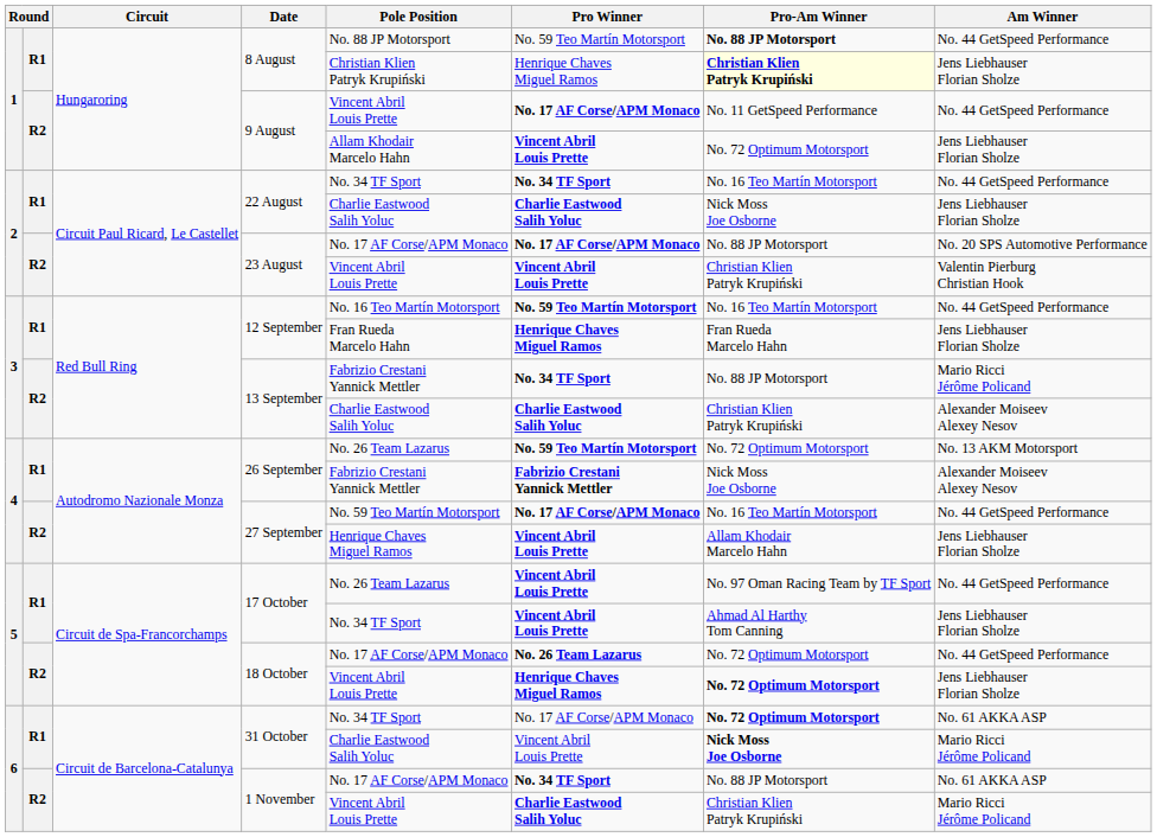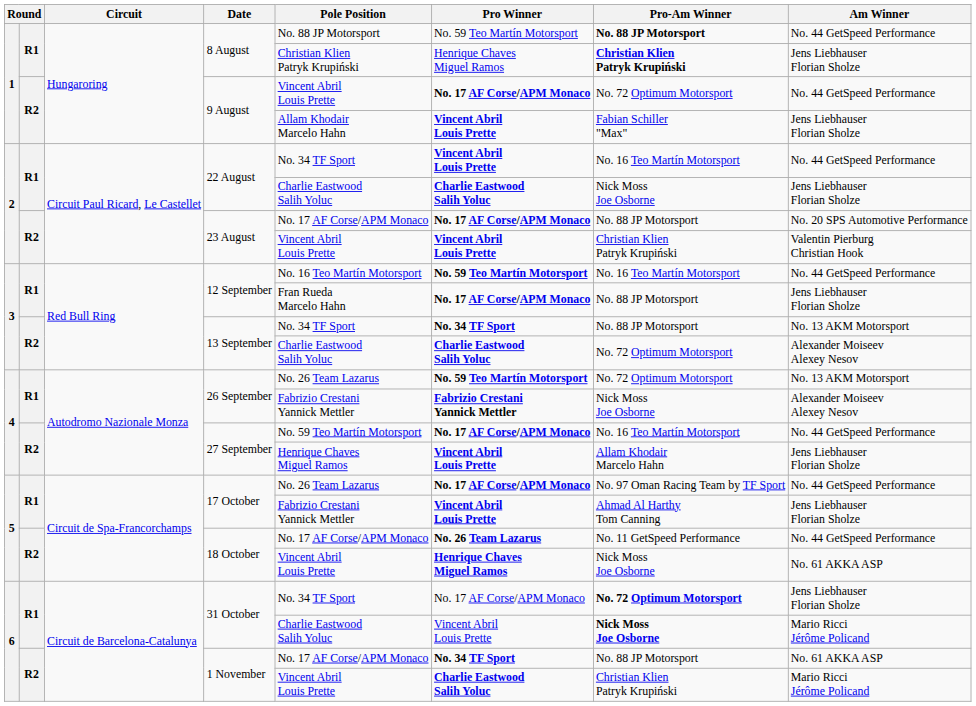 <table class="wikitable" style="font-size: 85%;">
 <tr>
 <th colspan=2>Round</th>
 <th>Circuit</th>
 <th>Date</th>
 <th>Pole Position</th>
 <th>Pro Winner</th>
 <th>Pro-Am Winner</th>
 <th>Am Winner</th>
 </tr>
 <tr>
 <th rowspan="4">1</th>
 <th rowspan="2">R1</th>
 <td rowspan="4"> <a href='#'>Hungaroring</a></td>
 <td rowspan="2">8 August</td>
 <td> No. 88 JP Motorsport</td>
 <td> No. 59 <a href='#'>Teo Martín Motorsport</a></td>
 <td><strong> No. 88 JP Motorsport</strong></td>
 <td> No. 44 GetSpeed Performance</td>
 </tr>
 <tr>
 <td> <a href='#'>Christian Klien</a><br> Patryk Krupiński</td>
 <td> <a href='#'>Henrique Chaves</a><br> <a href='#'>Miguel Ramos</a></td>
-<td style="background: lightyellow;"><strong> <a href='#'>Christian Klien</a><br> Patryk Krupiński</strong></td>
+<td><strong> <a href='#'>Christian Klien</a><br> Patryk Krupiński</strong></td>
 <td> Jens Liebhauser<br> Florian Sholze</td>
 </tr>
 <tr>
 <th rowspan=2>R2</th>
 <td rowspan=2>9 August</td>
 <td> <a href='#'>Vincent Abril</a><br> <a href='#'>Louis Prette</a></td>
 <td><strong> No. 17 <a href='#'>AF Corse</a>/<a href='#'>APM Monaco</a></strong></td>
-<td> No. 11 GetSpeed Performance</td>
+<td> No. 72  <a href='#'>Optimum Motorsport</a></td>
 <td> No. 44 GetSpeed Performance</td>
 </tr>
 <tr>
 <td> <a href='#'>Allam Khodair</a><br> Marcelo Hahn</td>
 <td><strong> <a href='#'>Vincent Abril</a><br> <a href='#'>Louis Prette</a></strong></td>
-<td> No. 72  <a href='#'>Optimum Motorsport</a></td>
+<td> <a href='#'>Fabian Schiller</a><br> "Max"</td>
 <td> Jens Liebhauser<br> Florian Sholze</td>
 </tr>
 <tr>
 <th rowspan="4">2</th>
 <th rowspan="2">R1</th>
 <td rowspan="4"> <a href='#'>Circuit Paul Ricard</a>, <a href='#'>Le Castellet</a></td>
 <td rowspan="2">22 August</td>
 <td> No. 34 <a href='#'>TF Sport</a></td>
-<td><strong> No. 34 <a href='#'>TF Sport</a></strong></td>
+<td><strong> <a href='#'>Vincent Abril</a><br> <a href='#'>Louis Prette</a></strong></td>
 <td> No. 16 <a href='#'>Teo Martín Motorsport</a></td>
 <td> No. 44 GetSpeed Performance</td>
 </tr>
 <tr>
 <td> <a href='#'>Charlie Eastwood</a><br> <a href='#'>Salih Yoluc</a></td>
 <td><strong> <a href='#'>Charlie Eastwood</a><br> <a href='#'>Salih Yoluc</a></strong></td>
 <td> Nick Moss<strong><br></strong> <a href='#'>Joe Osborne</a></td>
 <td> Jens Liebhauser<br> Florian Sholze</td>
 </tr>
 <tr>
 <th rowspan="2">R2</th>
 <td rowspan="2">23 August</td>
 <td> No. 17 <a href='#'>AF Corse</a>/<a href='#'>APM Monaco</a></td>
 <td><strong> No. 17 <a href='#'>AF Corse</a>/<a href='#'>APM Monaco</a></strong></td>
 <td> No. 88 JP Motorsport</td>
 <td> No. 20 SPS Automotive Performance</td>
 </tr>
 <tr>
 <td> <a href='#'>Vincent Abril</a><br> <a href='#'>Louis Prette</a></td>
 <td><strong> <a href='#'>Vincent Abril</a><br> <a href='#'>Louis Prette</a></strong></td>
 <td> <a href='#'>Christian Klien</a><br> Patryk Krupiński</td>
 <td> Valentin Pierburg<br> Christian Hook</td>
 </tr>
 <tr>
 <th rowspan=4>3</th>
 <th rowspan=2>R1</th>
 <td rowspan=4> <a href='#'>Red Bull Ring</a></td>
 <td rowspan=2>12 September</td>
 <td> No. 16 <a href='#'>Teo Martín Motorsport</a></td>
 <td><strong> No. 59 <a href='#'>Teo Martín Motorsport</a></strong></td>
 <td> No. 16 <a href='#'>Teo Martín Motorsport</a></td>
 <td> No. 44 GetSpeed Performance</td>
 </tr>
 <tr>
 <td> Fran Rueda<br> Marcelo Hahn</td>
-<td><strong> <a href='#'>Henrique Chaves</a><br> <a href='#'>Miguel Ramos</a></strong></td>
-<td> Fran Rueda<br> Marcelo Hahn</td>
+<td><strong> No. 17 <a href='#'>AF Corse</a>/<a href='#'>APM Monaco</a></strong></td>
+<td> No. 88 JP Motorsport</td>
 <td> Jens Liebhauser<br> Florian Sholze</td>
 </tr>
 <tr>
 <th rowspan=2>R2</th>
 <td rowspan=2>13 September</td>
-<td> <a href='#'>Fabrizio Crestani</a><br> Yannick Mettler</td>
+<td> No. 34 <a href='#'>TF Sport</a></td>
 <td><strong> No. 34 <a href='#'>TF Sport</a></strong></td>
 <td> No. 88 JP Motorsport</td>
-<td> Mario Ricci<br> <a href='#'>Jérôme Policand</a></td>
+<td> No. 13 AKM Motorsport</td>
 </tr>
 <tr>
 <td> <a href='#'>Charlie Eastwood</a><br> <a href='#'>Salih Yoluc</a></td>
 <td><strong> <a href='#'>Charlie Eastwood</a><br> <a href='#'>Salih Yoluc</a></strong></td>
-<td> <a href='#'>Christian Klien</a><br> Patryk Krupiński</td>
+<td> No. 72  <a href='#'>Optimum Motorsport</a></td>
 <td> Alexander Moiseev<br> Alexey Nesov</td>
 </tr>
 <tr>
 <th rowspan=4>4</th>
 <th rowspan=2>R1</th>
 <td rowspan=4> <a href='#'>Autodromo Nazionale Monza</a></td>
 <td rowspan=2>26 September</td>
 <td> No. 26 <a href='#'>Team Lazarus</a></td>
 <td><strong> No. 59 <a href='#'>Teo Martín Motorsport</a></strong></td>
 <td> No. 72  <a href='#'>Optimum Motorsport</a></td>
 <td> No. 13 AKM Motorsport</td>
 </tr>
 <tr>
 <td> <a href='#'>Fabrizio Crestani</a><br> Yannick Mettler</td>
 <td><strong> <a href='#'>Fabrizio Crestani</a><br> Yannick Mettler</strong></td>
 <td> Nick Moss<strong><br></strong> <a href='#'>Joe Osborne</a></td>
 <td> Alexander Moiseev<br> Alexey Nesov</td>
 </tr>
 <tr>
 <th rowspan=2>R2</th>
 <td rowspan=2>27 September</td>
 <td> No. 59 <a href='#'>Teo Martín Motorsport</a></td>
 <td><strong> No. 17 <a href='#'>AF Corse</a>/<a href='#'>APM Monaco</a></strong></td>
 <td> No. 16 <a href='#'>Teo Martín Motorsport</a></td>
 <td> No. 44 GetSpeed Performance</td>
 </tr>
 <tr>
 <td> <a href='#'>Henrique Chaves</a><br> <a href='#'>Miguel Ramos</a></td>
 <td><strong> <a href='#'>Vincent Abril</a><br> <a href='#'>Louis Prette</a></strong></td>
 <td> <a href='#'>Allam Khodair</a><br> Marcelo Hahn</td>
 <td> Jens Liebhauser<br> Florian Sholze</td>
 </tr>
 <tr>
 <th rowspan="4">5</th>
 <th rowspan="2">R1</th>
 <td rowspan="4"> <a href='#'>Circuit de Spa-Francorchamps</a></td>
 <td rowspan="2">17 October</td>
 <td> No. 26 <a href='#'>Team Lazarus</a></td>
-<td><strong> <a href='#'>Vincent Abril</a><br> <a href='#'>Louis Prette</a></strong></td>
+<td><strong> No. 17 <a href='#'>AF Corse</a>/<a href='#'>APM Monaco</a></strong></td>
 <td> No. 97 Oman Racing Team by <a href='#'>TF Sport</a></td>
 <td> No. 44 GetSpeed Performance</td>
 </tr>
 <tr>
-<td> No. 34 <a href='#'>TF Sport</a></td>
+<td> <a href='#'>Fabrizio Crestani</a><br> Yannick Mettler</td>
 <td><strong> <a href='#'>Vincent Abril</a><br> <a href='#'>Louis Prette</a></strong></td>
 <td> <a href='#'>Ahmad Al Harthy</a><br> Tom Canning</td>
 <td> Jens Liebhauser<br> Florian Sholze</td>
 </tr>
 <tr>
 <th rowspan="2">R2</th>
 <td rowspan="2">18 October</td>
 <td> No. 17 <a href='#'>AF Corse</a>/<a href='#'>APM Monaco</a></td>
 <td><strong> No. 26 <a href='#'>Team Lazarus</a></strong></td>
-<td> No. 72  <a href='#'>Optimum Motorsport</a></td>
+<td> No. 11 GetSpeed Performance</td>
 <td> No. 44 GetSpeed Performance</td>
 </tr>
 <tr>
 <td> <a href='#'>Vincent Abril</a><br> <a href='#'>Louis Prette</a></td>
 <td><strong> <a href='#'>Henrique Chaves</a><br> <a href='#'>Miguel Ramos</a></strong></td>
-<td><strong> No. 72  <a href='#'>Optimum Motorsport</a></strong></td>
-<td> Jens Liebhauser<br> Florian Sholze</td>
+<td> Nick Moss<strong><br></strong> <a href='#'>Joe Osborne</a></td>
+<td> No. 61 AKKA ASP</td>
 </tr>
 <tr>
 <th rowspan="4">6</th>
 <th rowspan="2">R1</th>
 <td rowspan="4"> <a href='#'>Circuit de Barcelona-Catalunya</a></td>
 <td rowspan="2">31 October</td>
 <td> No. 34 <a href='#'>TF Sport</a></td>
 <td> No. 17 <a href='#'>AF Corse</a>/<a href='#'>APM Monaco</a></td>
 <td><strong> No. 72  <a href='#'>Optimum Motorsport</a></strong></td>
-<td> No. 61 AKKA ASP</td>
+<td> Jens Liebhauser<br> Florian Sholze</td>
 </tr>
 <tr>
 <td> <a href='#'>Charlie Eastwood</a><br> <a href='#'>Salih Yoluc</a></td>
 <td> <a href='#'>Vincent Abril</a><br> <a href='#'>Louis Prette</a></td>
 <td><strong> Nick Moss<br> <a href='#'>Joe Osborne</a></strong></td>
 <td> Mario Ricci<br> <a href='#'>Jérôme Policand</a></td>
 </tr>
 <tr>
 <th rowspan=2>R2</th>
 <td rowspan=2>1 November</td>
 <td> No. 17 <a href='#'>AF Corse</a>/<a href='#'>APM Monaco</a></td>
 <td><strong> No. 34 <a href='#'>TF Sport</a></strong></td>
 <td> No. 88 JP Motorsport</td>
 <td> No. 61 AKKA ASP</td>
 </tr>
 <tr>
 <td> <a href='#'>Vincent Abril</a><br> <a href='#'>Louis Prette</a></td>
 <td><strong> <a href='#'>Charlie Eastwood</a><br> <a href='#'>Salih Yoluc</a></strong></td>
 <td> <a href='#'>Christian Klien</a><br> Patryk Krupiński</td>
 <td> Mario Ricci<br> <a href='#'>Jérôme Policand</a></td>
 </tr>
 </table>
